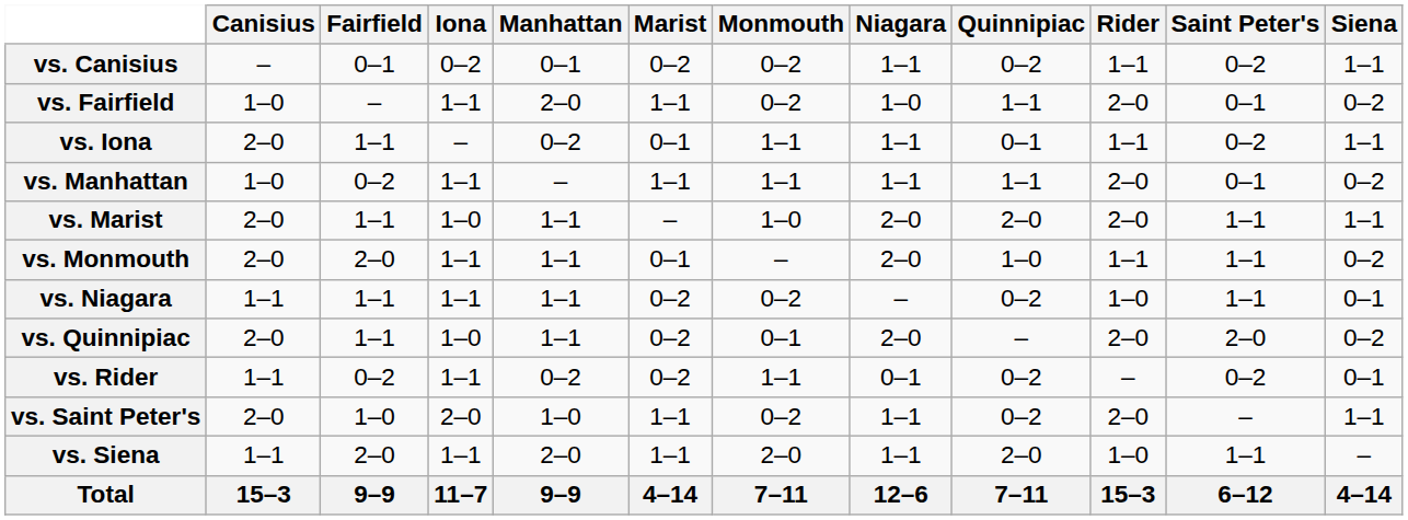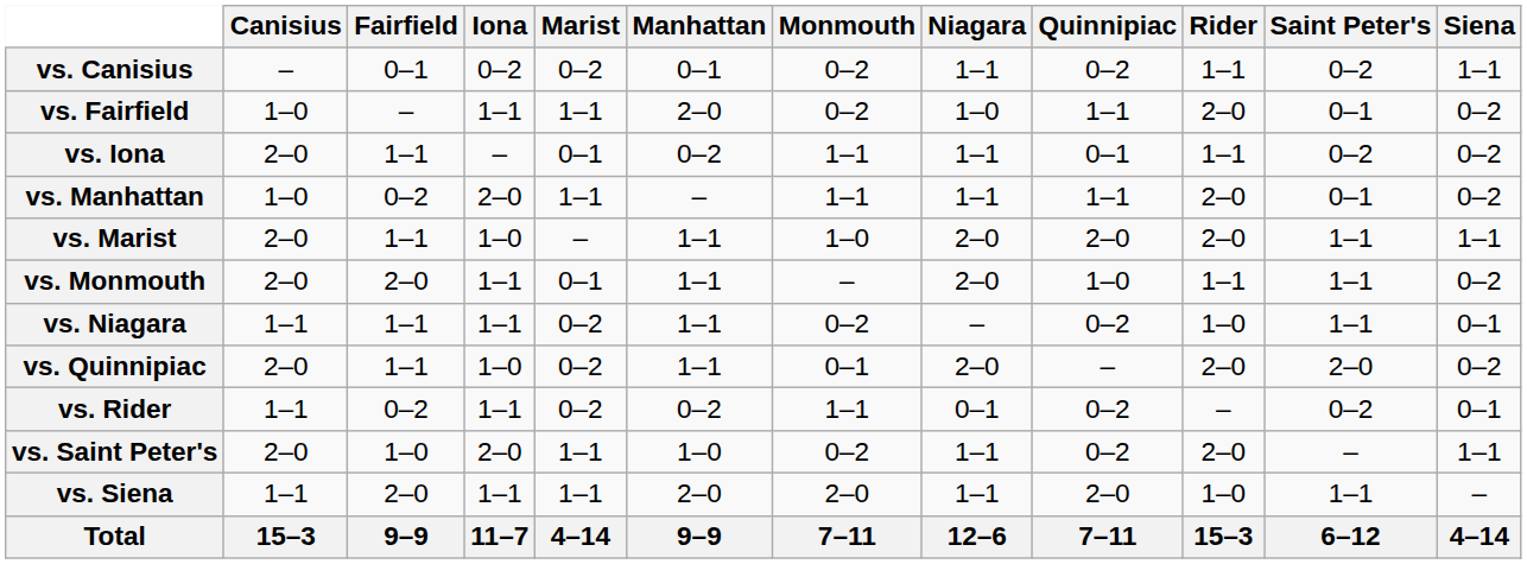 <table class="wikitable" style="white-space:nowrap;">
 <tr>
 <th colspan=1 style="background:white; border-top-style:hidden; border-left-style:hidden;"   width=75> </th>
 <th>Canisius</th>
 <th>Fairfield</th>
 <th>Iona</th>
+<th>Marist</th>
 <th>Manhattan</th>
-<th>Marist</th>
 <th>Monmouth</th>
 <th>Niagara</th>
 <th>Quinnipiac</th>
 <th>Rider</th>
 <th>Saint Peter's</th>
 <th>Siena</th>
 </tr>
 <tr style="text-align:center;">
 <th>vs. Canisius</th>
 <td>–</td>
 <td>0–1</td>
 <td>0–2</td>
+<td>0–2</td>
 <td>0–1</td>
-<td>0–2</td>
 <td>0–2</td>
 <td>1–1</td>
 <td>0–2</td>
 <td>1–1</td>
 <td>0–2</td>
 <td>1–1</td>
 </tr>
 <tr style="text-align:center;">
 <th>vs. Fairfield</th>
 <td>1–0</td>
 <td>–</td>
 <td>1–1</td>
+<td>1–1</td>
 <td>2–0</td>
-<td>1–1</td>
 <td>0–2</td>
 <td>1–0</td>
 <td>1–1</td>
 <td>2–0</td>
 <td>0–1</td>
 <td>0–2</td>
 </tr>
 <tr style="text-align:center;">
 <th>vs. Iona</th>
 <td>2–0</td>
 <td>1–1</td>
 <td>–</td>
+<td>0–1</td>
 <td>0–2</td>
-<td>0–1</td>
 <td>1–1</td>
 <td>1–1</td>
 <td>0–1</td>
 <td>1–1</td>
 <td>0–2</td>
-<td>1–1</td>
+<td>0–2</td>
 </tr>
 <tr style="text-align:center;">
 <th>vs. Manhattan</th>
 <td>1–0</td>
 <td>0–2</td>
+<td>2–0</td>
 <td>1–1</td>
 <td>–</td>
-<td>1–1</td>
 <td>1–1</td>
 <td>1–1</td>
 <td>1–1</td>
 <td>2–0</td>
 <td>0–1</td>
 <td>0–2</td>
 </tr>
 <tr style="text-align:center;">
 <th>vs. Marist</th>
 <td>2–0</td>
 <td>1–1</td>
 <td>1–0</td>
+<td>–</td>
 <td>1–1</td>
-<td>–</td>
 <td>1–0</td>
 <td>2–0</td>
 <td>2–0</td>
 <td>2–0</td>
 <td>1–1</td>
 <td>1–1</td>
 </tr>
 <tr style="text-align:center;">
 <th>vs. Monmouth</th>
 <td>2–0</td>
 <td>2–0</td>
 <td>1–1</td>
+<td>0–1</td>
 <td>1–1</td>
-<td>0–1</td>
 <td>–</td>
 <td>2–0</td>
 <td>1–0</td>
 <td>1–1</td>
 <td>1–1</td>
 <td>0–2</td>
 </tr>
 <tr style="text-align:center;">
 <th>vs. Niagara</th>
 <td>1–1</td>
 <td>1–1</td>
 <td>1–1</td>
+<td>0–2</td>
 <td>1–1</td>
-<td>0–2</td>
 <td>0–2</td>
 <td>–</td>
 <td>0–2</td>
 <td>1–0</td>
 <td>1–1</td>
 <td>0–1</td>
 </tr>
 <tr style="text-align:center;">
 <th>vs. Quinnipiac</th>
 <td>2–0</td>
 <td>1–1</td>
 <td>1–0</td>
+<td>0–2</td>
 <td>1–1</td>
-<td>0–2</td>
 <td>0–1</td>
 <td>2–0</td>
 <td>–</td>
 <td>2–0</td>
 <td>2–0</td>
 <td>0–2</td>
 </tr>
 <tr style="text-align:center;">
 <th>vs. Rider</th>
 <td>1–1</td>
 <td>0–2</td>
 <td>1–1</td>
 <td>0–2</td>
 <td>0–2</td>
 <td>1–1</td>
 <td>0–1</td>
 <td>0–2</td>
 <td>–</td>
 <td>0–2</td>
 <td>0–1</td>
 </tr>
 <tr style="text-align:center;">
 <th>vs. Saint Peter's</th>
 <td>2–0</td>
 <td>1–0</td>
 <td>2–0</td>
+<td>1–1</td>
 <td>1–0</td>
-<td>1–1</td>
 <td>0–2</td>
 <td>1–1</td>
 <td>0–2</td>
 <td>2–0</td>
 <td>–</td>
 <td>1–1</td>
 </tr>
 <tr style="text-align:center;">
 <th>vs. Siena</th>
 <td>1–1</td>
 <td>2–0</td>
 <td>1–1</td>
+<td>1–1</td>
 <td>2–0</td>
-<td>1–1</td>
 <td>2–0</td>
 <td>1–1</td>
 <td>2–0</td>
 <td>1–0</td>
 <td>1–1</td>
 <td>–<br></td>
 </tr>
 <tr style="text-align:center;">
 <th>Total</th>
 <th>15–3</th>
 <th>9–9</th>
 <th>11–7</th>
+<th>4–14</th>
 <th>9–9</th>
-<th>4–14</th>
 <th>7–11</th>
 <th>12–6</th>
 <th>7–11</th>
 <th>15–3</th>
 <th>6–12</th>
 <th>4–14</th>
 </tr>
 </table>
